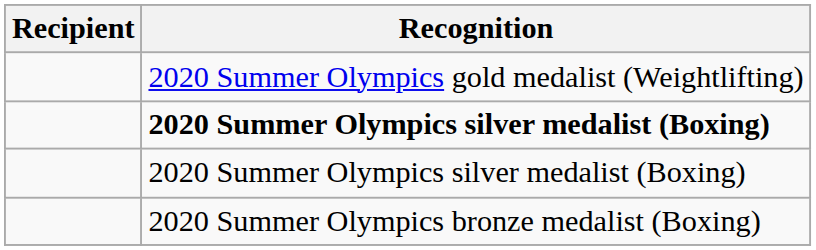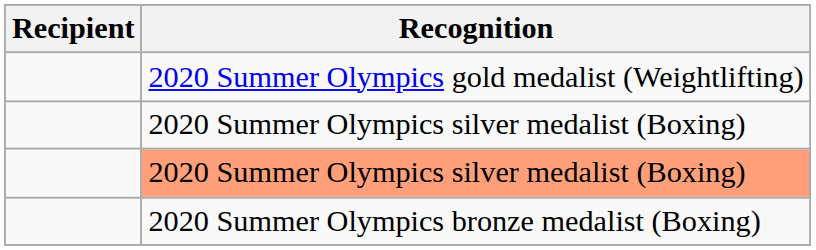 <table class="wikitable sortable" style="text-align: left; width=100%;">
 <tr>
 <th>Recipient</th>
 <th>Recognition</th>
 </tr>
 <tr>
 <td></td>
 <td><a href='#'>2020 Summer Olympics</a> gold medalist (Weightlifting)</td>
 </tr>
 <tr>
 <td></td>
-<td><strong>2020 Summer Olympics silver medalist (Boxing)</strong></td>
+<td>2020 Summer Olympics silver medalist (Boxing)</td>
 </tr>
 <tr>
 <td></td>
-<td>2020 Summer Olympics silver medalist (Boxing)</td>
+<td style="background: lightsalmon;">2020 Summer Olympics silver medalist (Boxing)</td>
 </tr>
 <tr>
 <td></td>
 <td>2020 Summer Olympics bronze medalist (Boxing)</td>
 </tr>
 </table>
